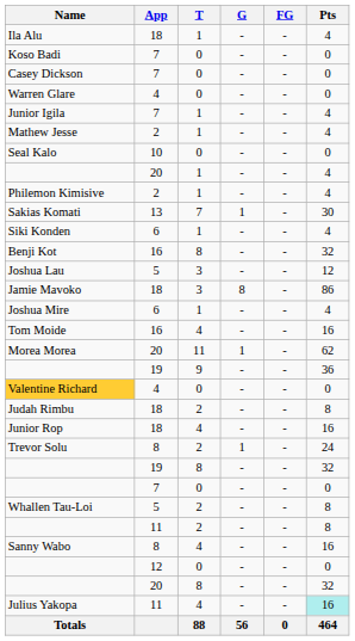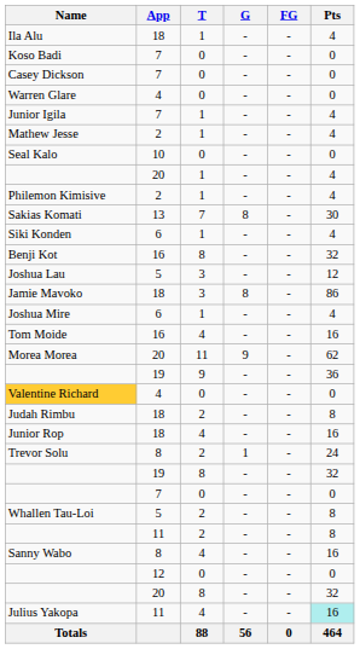 <table class="wikitable sortable" style="text-align: center;">
 <tr>
 <th style="width:10em">Name</th>
 <th style="width:3em"><a href='#'>App</a></th>
 <th style="width:3em"><a href='#'>T</a></th>
 <th style="width:3em"><a href='#'>G</a></th>
 <th style="width:3em"><a href='#'>FG</a></th>
 <th style="width:3em">Pts</th>
 </tr>
 <tr>
 <td style="text-align:left;">Ila Alu</td>
 <td>18</td>
 <td>1</td>
 <td>-</td>
 <td>-</td>
 <td>4</td>
 </tr>
 <tr>
 <td style="text-align:left;">Koso Badi</td>
 <td>7</td>
 <td>0</td>
 <td>-</td>
 <td>-</td>
 <td>0</td>
 </tr>
 <tr>
 <td style="text-align:left;">Casey Dickson</td>
 <td>7</td>
 <td>0</td>
 <td>-</td>
 <td>-</td>
 <td>0</td>
 </tr>
 <tr>
 <td style="text-align:left;">Warren Glare</td>
 <td>4</td>
 <td>0</td>
 <td>-</td>
 <td>-</td>
 <td>0</td>
 </tr>
 <tr>
 <td style="text-align:left;">Junior Igila</td>
 <td>7</td>
 <td>1</td>
 <td>-</td>
 <td>-</td>
 <td>4</td>
 </tr>
 <tr>
 <td style="text-align:left;">Mathew Jesse</td>
 <td>2</td>
 <td>1</td>
 <td>-</td>
 <td>-</td>
 <td>4</td>
 </tr>
 <tr>
 <td style="text-align:left;">Seal Kalo</td>
 <td>10</td>
 <td>0</td>
 <td>-</td>
 <td>-</td>
 <td>0</td>
 </tr>
 <tr>
 <td style="text-align:left;"></td>
 <td>20</td>
 <td>1</td>
 <td>-</td>
 <td>-</td>
 <td>4</td>
 </tr>
 <tr>
 <td style="text-align:left;">Philemon Kimisive</td>
 <td>2</td>
 <td>1</td>
 <td>-</td>
 <td>-</td>
 <td>4</td>
 </tr>
 <tr>
 <td style="text-align:left;">Sakias Komati</td>
 <td>13</td>
 <td>7</td>
-<td>1</td>
+<td>8</td>
 <td>-</td>
 <td>30</td>
 </tr>
 <tr>
 <td style="text-align:left;">Siki Konden</td>
 <td>6</td>
 <td>1</td>
 <td>-</td>
 <td>-</td>
 <td>4</td>
 </tr>
 <tr>
 <td style="text-align:left;">Benji Kot</td>
 <td>16</td>
 <td>8</td>
 <td>-</td>
 <td>-</td>
 <td>32</td>
 </tr>
 <tr>
 <td style="text-align:left;">Joshua Lau</td>
 <td>5</td>
 <td>3</td>
 <td>-</td>
 <td>-</td>
 <td>12</td>
 </tr>
 <tr>
 <td style="text-align:left;">Jamie Mavoko</td>
 <td>18</td>
 <td>3</td>
 <td>8</td>
 <td>-</td>
 <td>86</td>
 </tr>
 <tr>
 <td style="text-align:left;">Joshua Mire</td>
 <td>6</td>
 <td>1</td>
 <td>-</td>
 <td>-</td>
 <td>4</td>
 </tr>
 <tr>
 <td style="text-align:left;">Tom Moide</td>
 <td>16</td>
 <td>4</td>
 <td>-</td>
 <td>-</td>
 <td>16</td>
 </tr>
 <tr>
 <td style="text-align:left;">Morea Morea</td>
 <td>20</td>
 <td>11</td>
-<td>1</td>
+<td>9</td>
 <td>-</td>
 <td>62</td>
 </tr>
 <tr>
 <td style="text-align:left;"></td>
 <td>19</td>
 <td>9</td>
 <td>-</td>
 <td>-</td>
 <td>36</td>
 </tr>
 <tr>
 <td style="text-align:left; background:#FC3;">Valentine Richard</td>
 <td>4</td>
 <td>0</td>
 <td>-</td>
 <td>-</td>
 <td>0</td>
 </tr>
 <tr>
 <td style="text-align:left;">Judah Rimbu</td>
 <td>18</td>
 <td>2</td>
 <td>-</td>
 <td>-</td>
 <td>8</td>
 </tr>
 <tr>
 <td style="text-align:left;">Junior Rop</td>
 <td>18</td>
 <td>4</td>
 <td>-</td>
 <td>-</td>
 <td>16</td>
 </tr>
 <tr>
 <td style="text-align:left;">Trevor Solu</td>
 <td>8</td>
 <td>2</td>
 <td>1</td>
 <td>-</td>
 <td>24</td>
 </tr>
 <tr>
 <td style="text-align:left;"></td>
 <td>19</td>
 <td>8</td>
 <td>-</td>
 <td>-</td>
 <td>32</td>
 </tr>
 <tr>
 <td style="text-align:left;"></td>
 <td>7</td>
 <td>0</td>
 <td>-</td>
 <td>-</td>
 <td>0</td>
 </tr>
 <tr>
 <td style="text-align:left;">Whallen Tau-Loi</td>
 <td>5</td>
 <td>2</td>
 <td>-</td>
 <td>-</td>
 <td>8</td>
 </tr>
 <tr>
 <td style="text-align:left;"></td>
 <td>11</td>
 <td>2</td>
 <td>-</td>
 <td>-</td>
 <td>8</td>
 </tr>
 <tr>
 <td style="text-align:left;">Sanny Wabo</td>
 <td>8</td>
 <td>4</td>
 <td>-</td>
 <td>-</td>
 <td>16</td>
 </tr>
 <tr>
 <td style="text-align:left;"></td>
 <td>12</td>
 <td>0</td>
 <td>-</td>
 <td>-</td>
 <td>0</td>
 </tr>
 <tr>
 <td style="text-align:left;"></td>
 <td>20</td>
 <td>8</td>
 <td>-</td>
 <td>-</td>
 <td>32</td>
 </tr>
 <tr>
 <td style="text-align:left;">Julius Yakopa</td>
 <td>11</td>
 <td>4</td>
 <td>-</td>
 <td>-</td>
 <td style="background: paleturquoise;">16</td>
 </tr>
 <tr class="sortbottom">
 <th>Totals</th>
 <th></th>
 <th>88</th>
 <th>56</th>
 <th>0</th>
 <th>464</th>
 </tr>
 </table>
